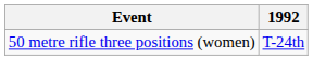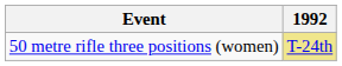 <table class="wikitable" style="text-align: center">
 <tr>
 <th>Event</th>
 <th>1992</th>
 </tr>
 <tr>
 <td align=left><a href='#'>50 metre rifle three positions</a> (women)</td>
-<td><a href='#'>T-24th</a></td>
+<td style="background: khaki;"><a href='#'>T-24th</a></td>
 </tr>
 </table>
